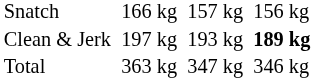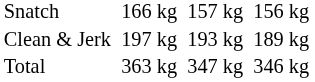 <table>
 <tr>
 <td>Snatch</td>
 <td></td>
 <td>166 kg</td>
 <td></td>
 <td>157 kg</td>
 <td></td>
 <td>156 kg</td>
 </tr>
 <tr>
 <td>Clean & Jerk</td>
 <td></td>
 <td>197 kg</td>
 <td></td>
 <td>193 kg</td>
 <td></td>
-<td><strong>189 kg</strong></td>
+<td>189 kg</td>
 </tr>
 <tr>
 <td>Total</td>
 <td></td>
 <td>363 kg</td>
 <td></td>
 <td>347 kg</td>
 <td></td>
 <td>346 kg</td>
 </tr>
 </table>
